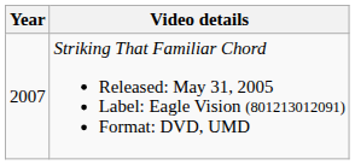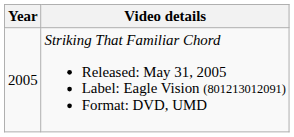 <table class="wikitable" "text-align:center;">
 <tr>
 <th>Year</th>
 <th>Video details</th>
 </tr>
 <tr>
-<td>2007</td>
+<td>2005</td>
 <td><em>Striking That Familiar Chord</em><br><ul><li>Released: May 31, 2005</li><li>Label: Eagle Vision <small>(801213012091)</small></li><li>Format: DVD, UMD</li></ul></td>
 </tr>
 </table>
